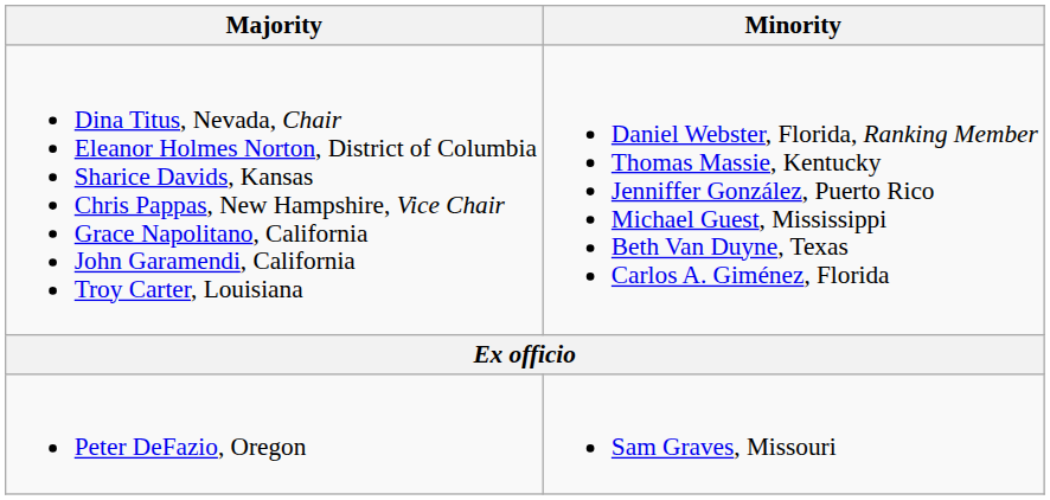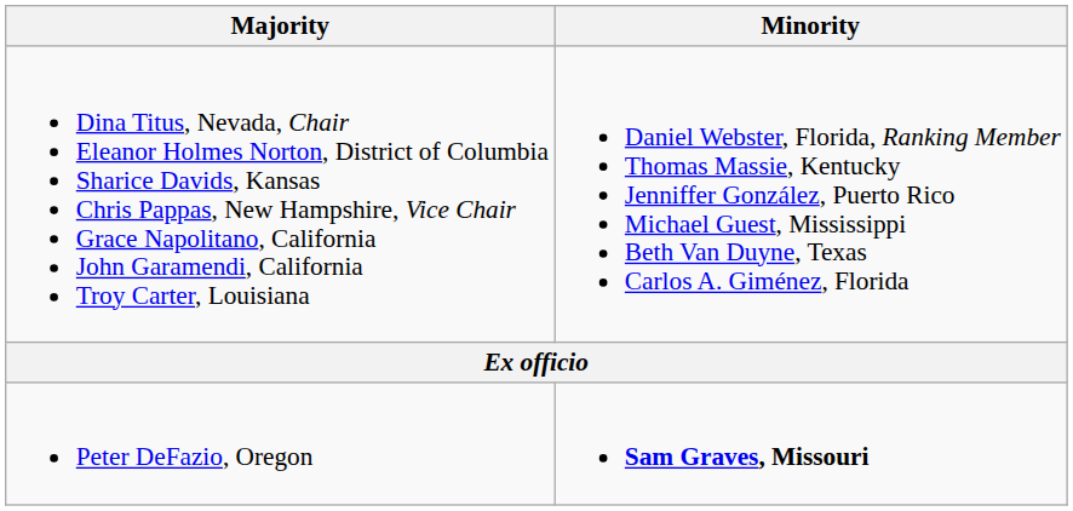 <table class=wikitable>
 <tr>
 <th>Majority</th>
 <th>Minority</th>
 </tr>
 <tr>
 <td><br><ul><li><a href='#'>Dina Titus</a>, Nevada, <em>Chair</em></li><li><a href='#'>Eleanor Holmes Norton</a>, District of Columbia</li><li><a href='#'>Sharice Davids</a>, Kansas</li><li><a href='#'>Chris Pappas</a>, New Hampshire, <em>Vice Chair</em></li><li><a href='#'>Grace Napolitano</a>, California</li><li><a href='#'>John Garamendi</a>, California</li><li><a href='#'> Troy Carter</a>, Louisiana</li></ul></td>
 <td><br><ul><li><a href='#'>Daniel Webster</a>, Florida, <em>Ranking Member</em></li><li><a href='#'>Thomas Massie</a>, Kentucky</li><li><a href='#'>Jenniffer González</a>, Puerto Rico</li><li><a href='#'>Michael Guest</a>, Mississippi</li><li><a href='#'>Beth Van Duyne</a>, Texas</li><li><a href='#'>Carlos A. Giménez</a>, Florida</li></ul></td>
 </tr>
 <tr>
 <th colspan=2><em>Ex officio</em></th>
 </tr>
 <tr>
 <td><br><ul><li><a href='#'>Peter DeFazio</a>, Oregon</li></ul></td>
-<td><br><ul><li><a href='#'>Sam Graves</a>, Missouri</li></ul></td>
+<td><strong><br><ul><li><a href='#'>Sam Graves</a>, Missouri</li></ul></strong></td>
 </tr>
 </table>
